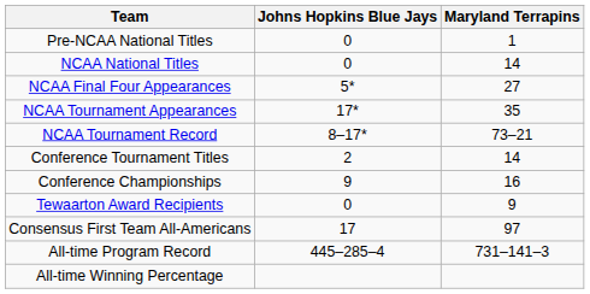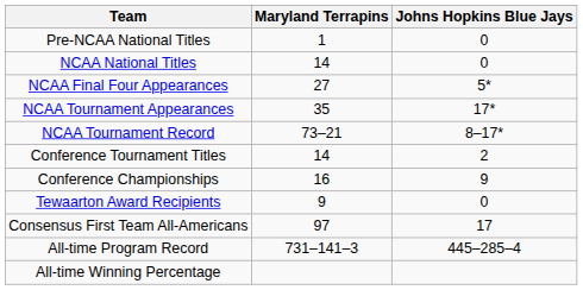 <table class="wikitable" style="text-align:center;">
 <tr>
 <th>Team</th>
+<th>Maryland Terrapins</th>
 <th>Johns Hopkins Blue Jays</th>
-<th>Maryland Terrapins</th>
 </tr>
 <tr>
 <td>Pre-NCAA National Titles</td>
+<td>1</td>
 <td style=>0</td>
-<td>1</td>
 </tr>
 <tr>
 <td><a href='#'>NCAA National Titles</a></td>
+<td>14</td>
 <td style=>0</td>
-<td>14</td>
 </tr>
 <tr>
 <td><a href='#'>NCAA Final Four Appearances</a></td>
+<td>27</td>
 <td>5*</td>
-<td>27</td>
 </tr>
 <tr>
 <td><a href='#'>NCAA Tournament Appearances</a></td>
+<td>35</td>
 <td>17*</td>
-<td>35</td>
 </tr>
 <tr>
 <td><a href='#'>NCAA Tournament Record</a></td>
+<td>73–21</td>
 <td>8–17*</td>
-<td>73–21</td>
 </tr>
 <tr>
 <td>Conference Tournament Titles</td>
+<td>14</td>
 <td>2</td>
-<td>14</td>
 </tr>
 <tr>
 <td>Conference Championships</td>
+<td>16</td>
 <td>9</td>
-<td>16</td>
 </tr>
 <tr>
 <td><a href='#'>Tewaarton Award Recipients</a></td>
+<td>9</td>
 <td>0</td>
-<td>9</td>
 </tr>
 <tr>
 <td>Consensus First Team All-Americans</td>
+<td>97</td>
 <td>17</td>
-<td>97</td>
 </tr>
 <tr>
 <td>All-time Program Record</td>
+<td>731–141–3</td>
 <td>445–285–4</td>
-<td>731–141–3</td>
 </tr>
 <tr>
 <td>All-time Winning Percentage</td>
 <td></td>
 <td></td>
 </tr>
 </table>
